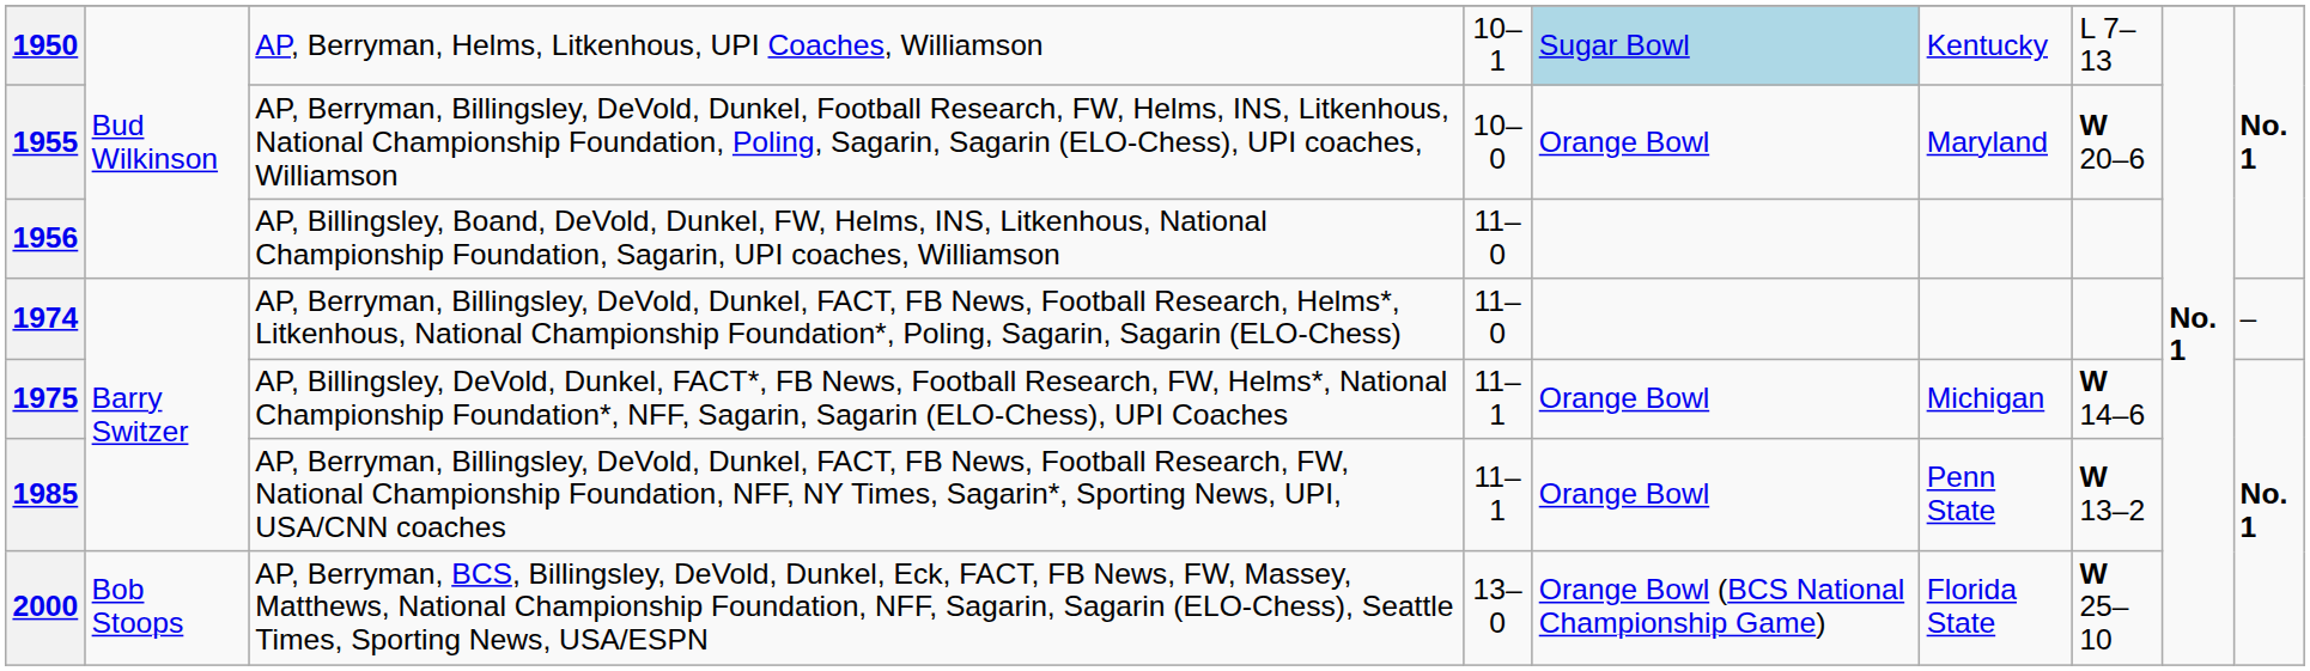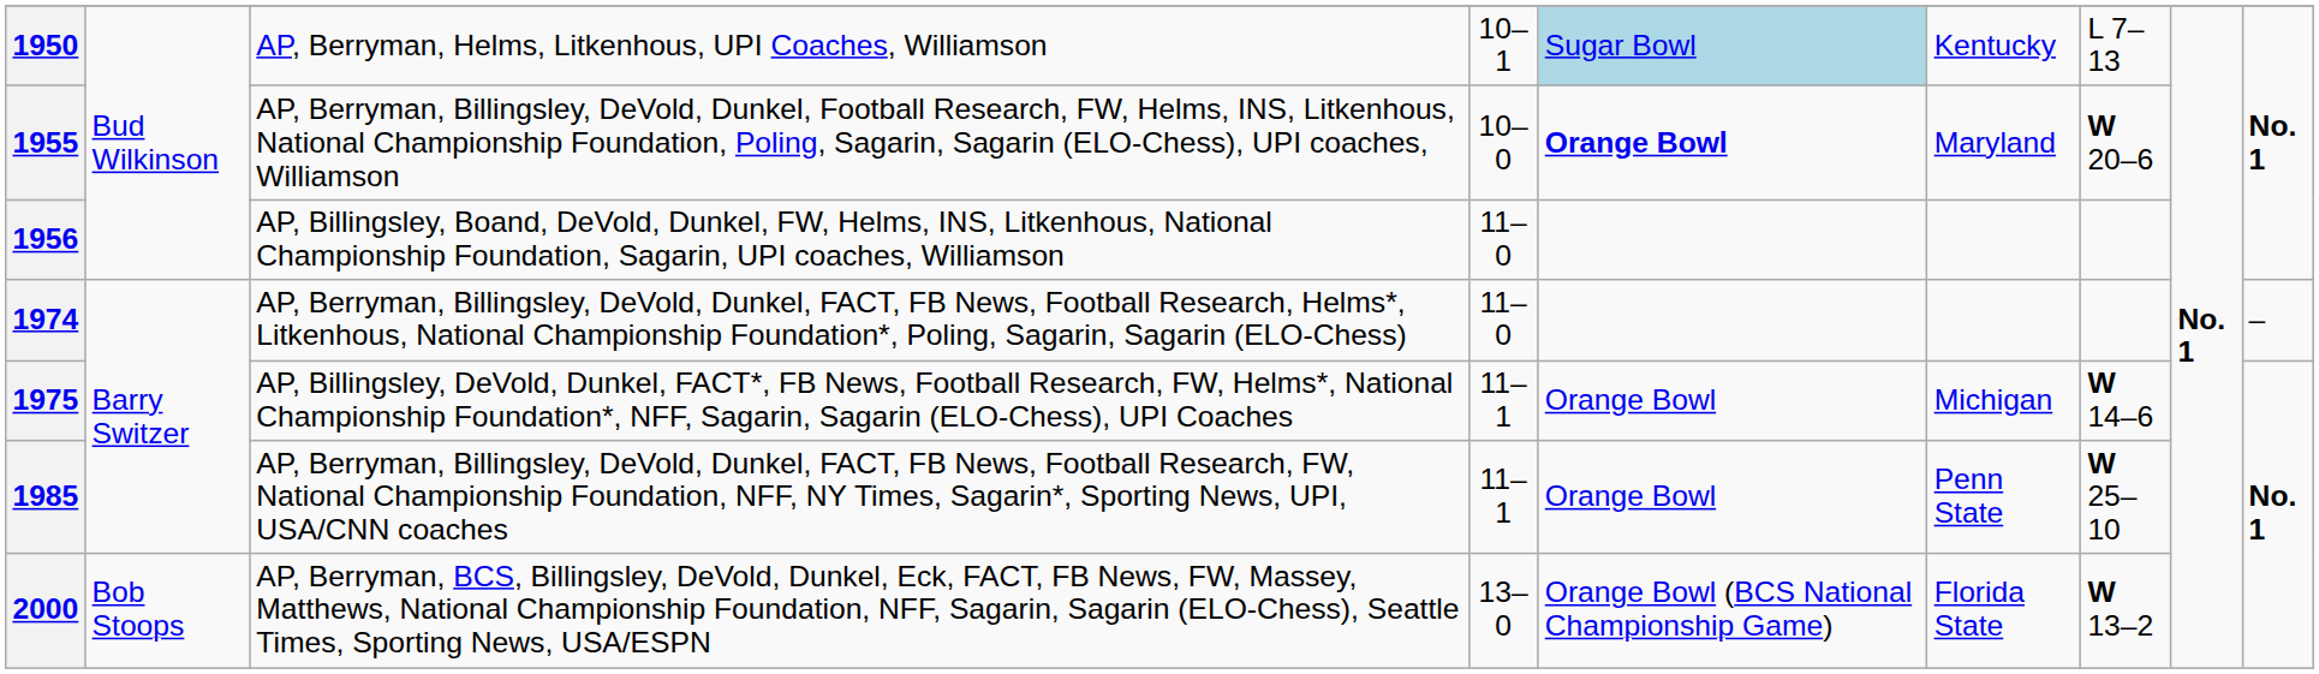 <table class="wikitable">
 <tr>
 </tr>
 <tr>
 <th><a href='#'>1950</a></th>
 <td rowspan="3"><a href='#'>Bud Wilkinson</a></td>
 <td><a href='#'>AP</a>, Berryman, Helms, Litkenhous, UPI <a href='#'>Coaches</a>, Williamson</td>
 <td align=center>10–1</td>
 <td style="background: lightblue;"><a href='#'>Sugar Bowl</a></td>
 <td><a href='#'>Kentucky</a></td>
 <td>L 7–13</td>
 <td rowspan="7"><strong>No. 1</strong></td>
 <td rowspan="3"><strong>No. 1</strong></td>
 </tr>
 <tr>
 <th><a href='#'>1955</a></th>
 <td>AP, Berryman, Billingsley, DeVold, Dunkel, Football Research, FW, Helms, INS, Litkenhous, National Championship Foundation, <a href='#'>Poling</a>, Sagarin, Sagarin (ELO-Chess), UPI coaches, Williamson</td>
 <td align=center>10–0</td>
-<td><a href='#'>Orange Bowl</a></td>
+<td><strong><a href='#'>Orange Bowl</a></strong></td>
 <td><a href='#'>Maryland</a></td>
 <td><strong>W</strong> 20–6</td>
 </tr>
 <tr>
 <th><a href='#'>1956</a></th>
 <td>AP, Billingsley, Boand, DeVold, Dunkel, FW, Helms, INS, Litkenhous, National Championship Foundation, Sagarin, UPI coaches, Williamson</td>
 <td align=center>11–0</td>
 <td></td>
 <td></td>
 <td></td>
 </tr>
 <tr>
 <th><a href='#'>1974</a></th>
 <td rowspan="3"><a href='#'>Barry Switzer</a></td>
 <td>AP, Berryman, Billingsley, DeVold, Dunkel, FACT, FB News, Football Research, Helms*, Litkenhous, National Championship Foundation*, Poling, Sagarin, Sagarin (ELO-Chess)</td>
 <td align=center>11–0</td>
 <td></td>
 <td></td>
 <td></td>
 <td>–</td>
 </tr>
 <tr>
 <th><a href='#'>1975</a></th>
 <td>AP, Billingsley, DeVold, Dunkel, FACT*, FB News, Football Research, FW, Helms*, National Championship Foundation*, NFF, Sagarin, Sagarin (ELO-Chess), UPI Coaches</td>
 <td align=center>11–1</td>
 <td><a href='#'>Orange Bowl</a></td>
 <td><a href='#'>Michigan</a></td>
 <td><strong>W</strong> 14–6</td>
 <td rowspan="3"><strong>No. 1</strong></td>
 </tr>
 <tr>
 <th><a href='#'>1985</a></th>
 <td>AP, Berryman, Billingsley, DeVold, Dunkel, FACT, FB News, Football Research, FW, National Championship Foundation, NFF, NY Times, Sagarin*, Sporting News, UPI, USA/CNN coaches</td>
 <td align=center>11–1</td>
 <td><a href='#'>Orange Bowl</a></td>
 <td><a href='#'>Penn State</a></td>
-<td><strong>W</strong> 13–2</td>
+<td><strong>W</strong> 25–10</td>
 </tr>
 <tr>
 <th><a href='#'>2000</a></th>
 <td><a href='#'>Bob Stoops</a></td>
 <td>AP, Berryman, <a href='#'>BCS</a>, Billingsley, DeVold, Dunkel, Eck, FACT, FB News, FW, Massey, Matthews, National Championship Foundation, NFF, Sagarin, Sagarin (ELO-Chess), Seattle Times, Sporting News, USA/ESPN</td>
 <td align=center>13–0</td>
 <td><a href='#'>Orange Bowl</a> (<a href='#'>BCS National Championship Game</a>)</td>
 <td><a href='#'>Florida State</a></td>
-<td><strong>W</strong> 25–10</td>
+<td><strong>W</strong> 13–2</td>
 </tr>
 </table>
